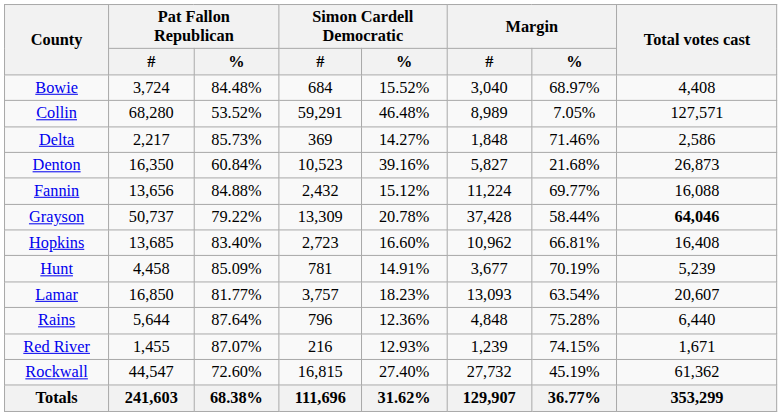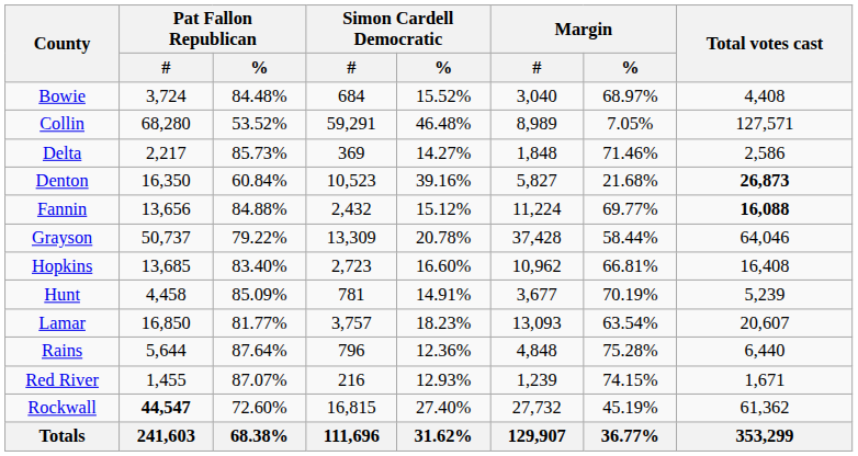 <table width="60%"  class="wikitable sortable" style="text-align:center">
 <tr>
 <th rowspan="2">County</th>
 <th style="text-align:center;" colspan="2">Pat Fallon<br>Republican</th>
 <th style="text-align:center;" colspan="2">Simon Cardell<br>Democratic</th>
 <th style="text-align:center;" colspan="2">Margin</th>
 <th rowspan="2" style="text-align:center;">Total votes cast</th>
 </tr>
 <tr>
 <th style="text-align:center;" data-sort-type="number">#</th>
 <th style="text-align:center;" data-sort-type="number">%</th>
 <th style="text-align:center;" data-sort-type="number">#</th>
 <th style="text-align:center;" data-sort-type="number">%</th>
 <th style="text-align:center;" data-sort-type="number">#</th>
 <th style="text-align:center;" data-sort-type="number">%</th>
 </tr>
 <tr style="text-align:center;">
 <td style="background-color:"><a href='#'>Bowie</a></td>
 <td style="background-color:">3,724</td>
 <td style="background-color:">84.48%</td>
 <td style="color:black;background-color:">684</td>
 <td style="color:black;background-color:">15.52%</td>
 <td style="background-color:">3,040</td>
 <td style="background-color:">68.97%</td>
 <td style="background-color:">4,408</td>
 </tr>
 <tr style="text-align:center;">
 <td style="background-color:"><a href='#'>Collin</a></td>
 <td style="background-color:">68,280</td>
 <td style="background-color:">53.52%</td>
 <td style="color:black;background-color:">59,291</td>
 <td style="color:black;background-color:">46.48%</td>
 <td style="background-color:">8,989</td>
 <td style="background-color:">7.05%</td>
 <td style="background-color:">127,571</td>
 </tr>
 <tr style="text-align:center;">
 <td style="background-color:"><a href='#'>Delta</a></td>
 <td style="background-color:">2,217</td>
 <td style="background-color:">85.73%</td>
 <td style="color:black;background-color:">369</td>
 <td style="color:black;background-color:">14.27%</td>
 <td style="background-color:">1,848</td>
 <td style="background-color:">71.46%</td>
 <td style="background-color:">2,586</td>
 </tr>
 <tr style="text-align:center;">
 <td style="background-color:"><a href='#'>Denton</a></td>
 <td style="background-color:">16,350</td>
 <td style="background-color:">60.84%</td>
 <td style="color:black;background-color:">10,523</td>
 <td style="color:black;background-color:">39.16%</td>
 <td style="background-color:">5,827</td>
 <td style="background-color:">21.68%</td>
-<td style="background-color:">26,873</td>
+<td style="background-color:"><strong>26,873</strong></td>
 </tr>
 <tr style="text-align:center;">
 <td style="background-color:"><a href='#'>Fannin</a></td>
 <td style="background-color:">13,656</td>
 <td style="background-color:">84.88%</td>
 <td style="color:black;background-color:">2,432</td>
 <td style="color:black;background-color:">15.12%</td>
 <td style="background-color:">11,224</td>
 <td style="background-color:">69.77%</td>
-<td style="background-color:">16,088</td>
+<td style="background-color:"><strong>16,088</strong></td>
 </tr>
 <tr style="text-align:center;">
 <td style="background-color:"><a href='#'>Grayson</a></td>
 <td style="background-color:">50,737</td>
 <td style="background-color:">79.22%</td>
 <td style="color:black;background-color:">13,309</td>
 <td style="color:black;background-color:">20.78%</td>
 <td style="background-color:">37,428</td>
 <td style="background-color:">58.44%</td>
-<td style="background-color:"><strong>64,046</strong></td>
+<td style="background-color:">64,046</td>
 </tr>
 <tr style="text-align:center;">
 <td style="background-color:"><a href='#'>Hopkins</a></td>
 <td style="background-color:">13,685</td>
 <td style="background-color:">83.40%</td>
 <td style="color:black;background-color:">2,723</td>
 <td style="color:black;background-color:">16.60%</td>
 <td style="background-color:">10,962</td>
 <td style="background-color:">66.81%</td>
 <td style="background-color:">16,408</td>
 </tr>
 <tr style="text-align:center;">
 <td style="background-color:"><a href='#'>Hunt</a></td>
 <td style="background-color:">4,458</td>
 <td style="background-color:">85.09%</td>
 <td style="color:black;background-color:">781</td>
 <td style="color:black;background-color:">14.91%</td>
 <td style="background-color:">3,677</td>
 <td style="background-color:">70.19%</td>
 <td style="background-color:">5,239</td>
 </tr>
 <tr style="text-align:center;">
 <td style="background-color:"><a href='#'>Lamar</a></td>
 <td style="background-color:">16,850</td>
 <td style="background-color:">81.77%</td>
 <td style="color:black;background-color:">3,757</td>
 <td style="color:black;background-color:">18.23%</td>
 <td style="background-color:">13,093</td>
 <td style="background-color:">63.54%</td>
 <td style="background-color:">20,607</td>
 </tr>
 <tr style="text-align:center;">
 <td style="background-color:"><a href='#'>Rains</a></td>
 <td style="background-color:">5,644</td>
 <td style="background-color:">87.64%</td>
 <td style="color:black;background-color:">796</td>
 <td style="color:black;background-color:">12.36%</td>
 <td style="background-color:">4,848</td>
 <td style="background-color:">75.28%</td>
 <td style="background-color:">6,440</td>
 </tr>
 <tr style="text-align:center;">
 <td style="background-color:"><a href='#'>Red River</a></td>
 <td style="background-color:">1,455</td>
 <td style="background-color:">87.07%</td>
 <td style="color:black;background-color:">216</td>
 <td style="color:black;background-color:">12.93%</td>
 <td style="background-color:">1,239</td>
 <td style="background-color:">74.15%</td>
 <td style="background-color:">1,671</td>
 </tr>
 <tr style="text-align:center;">
 <td style="background-color:"><a href='#'>Rockwall</a></td>
-<td style="background-color:">44,547</td>
+<td style="background-color:"><strong>44,547</strong></td>
 <td style="background-color:">72.60%</td>
 <td style="color:black;background-color:">16,815</td>
 <td style="color:black;background-color:">27.40%</td>
 <td style="background-color:">27,732</td>
 <td style="background-color:">45.19%</td>
 <td style="background-color:">61,362</td>
 </tr>
 <tr style="text-align:center;">
 <th>Totals</th>
 <th>241,603</th>
 <th>68.38%</th>
 <th>111,696</th>
 <th>31.62%</th>
 <th>129,907</th>
 <th>36.77%</th>
 <th>353,299</th>
 </tr>
 </table>
